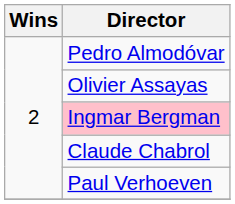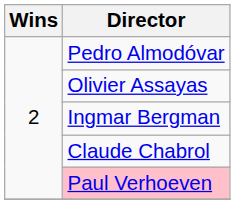 <table class="wikitable sortable">
 <tr>
 <th>Wins</th>
 <th>Director</th>
 </tr>
 <tr>
 <td rowspan="5" style="text-align:center">2</td>
 <td> <a href='#'>Pedro Almodóvar</a></td>
 </tr>
 <tr>
 <td> <a href='#'>Olivier Assayas</a></td>
 </tr>
 <tr>
-<td style="background: pink;"> <a href='#'>Ingmar Bergman</a></td>
+<td> <a href='#'>Ingmar Bergman</a></td>
 </tr>
 <tr>
 <td> <a href='#'>Claude Chabrol</a></td>
 </tr>
 <tr>
-<td> <a href='#'>Paul Verhoeven</a></td>
+<td style="background: pink;"> <a href='#'>Paul Verhoeven</a></td>
 </tr>
 <tr>
 </tr>
 </table>
